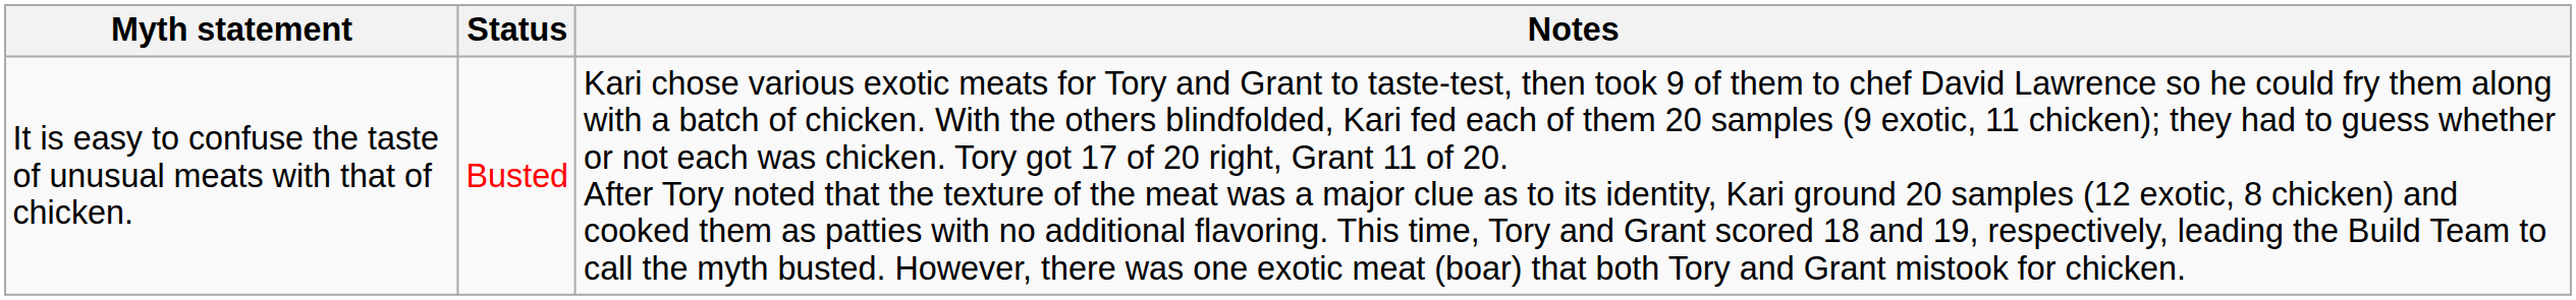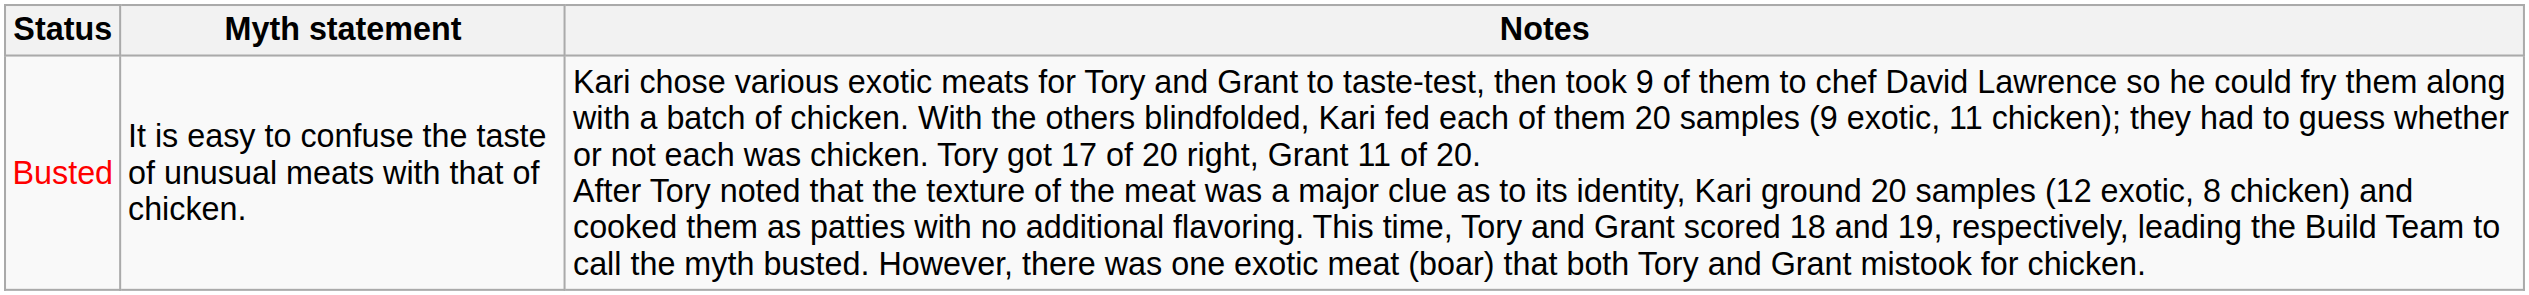 <table class="wikitable plainrowheaders">
 <tr>
+<th>Status</th>
 <th>Myth statement</th>
-<th>Status</th>
 <th>Notes</th>
 </tr>
 <tr>
+<td style="color:red">Busted</td>
 <td>It is easy to confuse the taste of unusual meats with that of chicken.</td>
-<td style="color:red">Busted</td>
 <td>Kari chose various exotic meats for Tory and Grant to taste-test, then took 9 of them to chef David Lawrence so he could fry them along with a batch of chicken. With the others blindfolded, Kari fed each of them 20 samples (9 exotic, 11 chicken); they had to guess whether or not each was chicken. Tory got 17 of 20 right, Grant 11 of 20.<br>After Tory noted that the texture of the meat was a major clue as to its identity, Kari ground 20 samples (12 exotic, 8 chicken) and cooked them as patties with no additional flavoring. This time, Tory and Grant scored 18 and 19, respectively, leading the Build Team to call the myth busted. However, there was one exotic meat (boar) that both Tory and Grant mistook for chicken.</td>
 </tr>
 </table>
